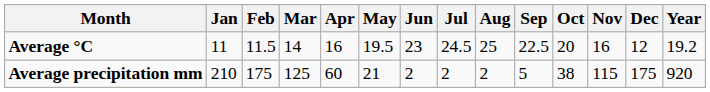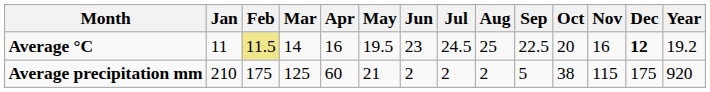 <table class="wikitable">
 <tr>
 <th>Month</th>
 <th>Jan</th>
 <th>Feb</th>
 <th>Mar</th>
 <th>Apr</th>
 <th>May</th>
 <th>Jun</th>
 <th>Jul</th>
 <th>Aug</th>
 <th>Sep</th>
 <th>Oct</th>
 <th>Nov</th>
 <th>Dec</th>
 <th>Year</th>
 </tr>
 <tr>
 <td><strong>Average °C</strong></td>
 <td>11</td>
-<td>11.5</td>
+<td style="background: khaki;">11.5</td>
 <td>14</td>
 <td>16</td>
 <td>19.5</td>
 <td>23</td>
 <td>24.5</td>
 <td>25</td>
 <td>22.5</td>
 <td>20</td>
 <td>16</td>
-<td>12</td>
+<td><strong>12</strong></td>
 <td>19.2</td>
 </tr>
 <tr>
 <td><strong>Average precipitation mm</strong></td>
 <td>210</td>
 <td>175</td>
 <td>125</td>
 <td>60</td>
 <td>21</td>
 <td>2</td>
 <td>2</td>
 <td>2</td>
 <td>5</td>
 <td>38</td>
 <td>115</td>
 <td>175</td>
 <td>920</td>
 </tr>
 </table>
